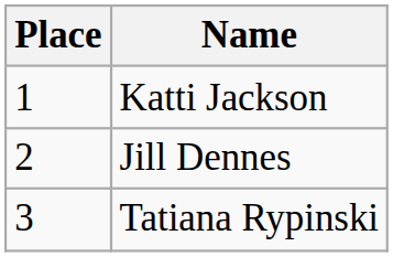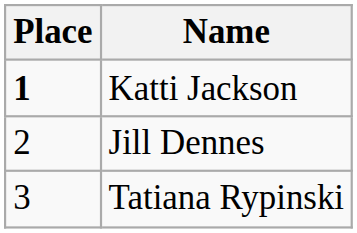 <table class="wikitable">
 <tr>
 <th>Place</th>
 <th>Name</th>
 </tr>
 <tr>
-<td>1</td>
+<td><strong>1</strong></td>
 <td> Katti Jackson</td>
 </tr>
 <tr>
 <td>2</td>
 <td> Jill Dennes</td>
 </tr>
 <tr>
 <td>3</td>
 <td> Tatiana Rypinski</td>
 </tr>
 </table>
